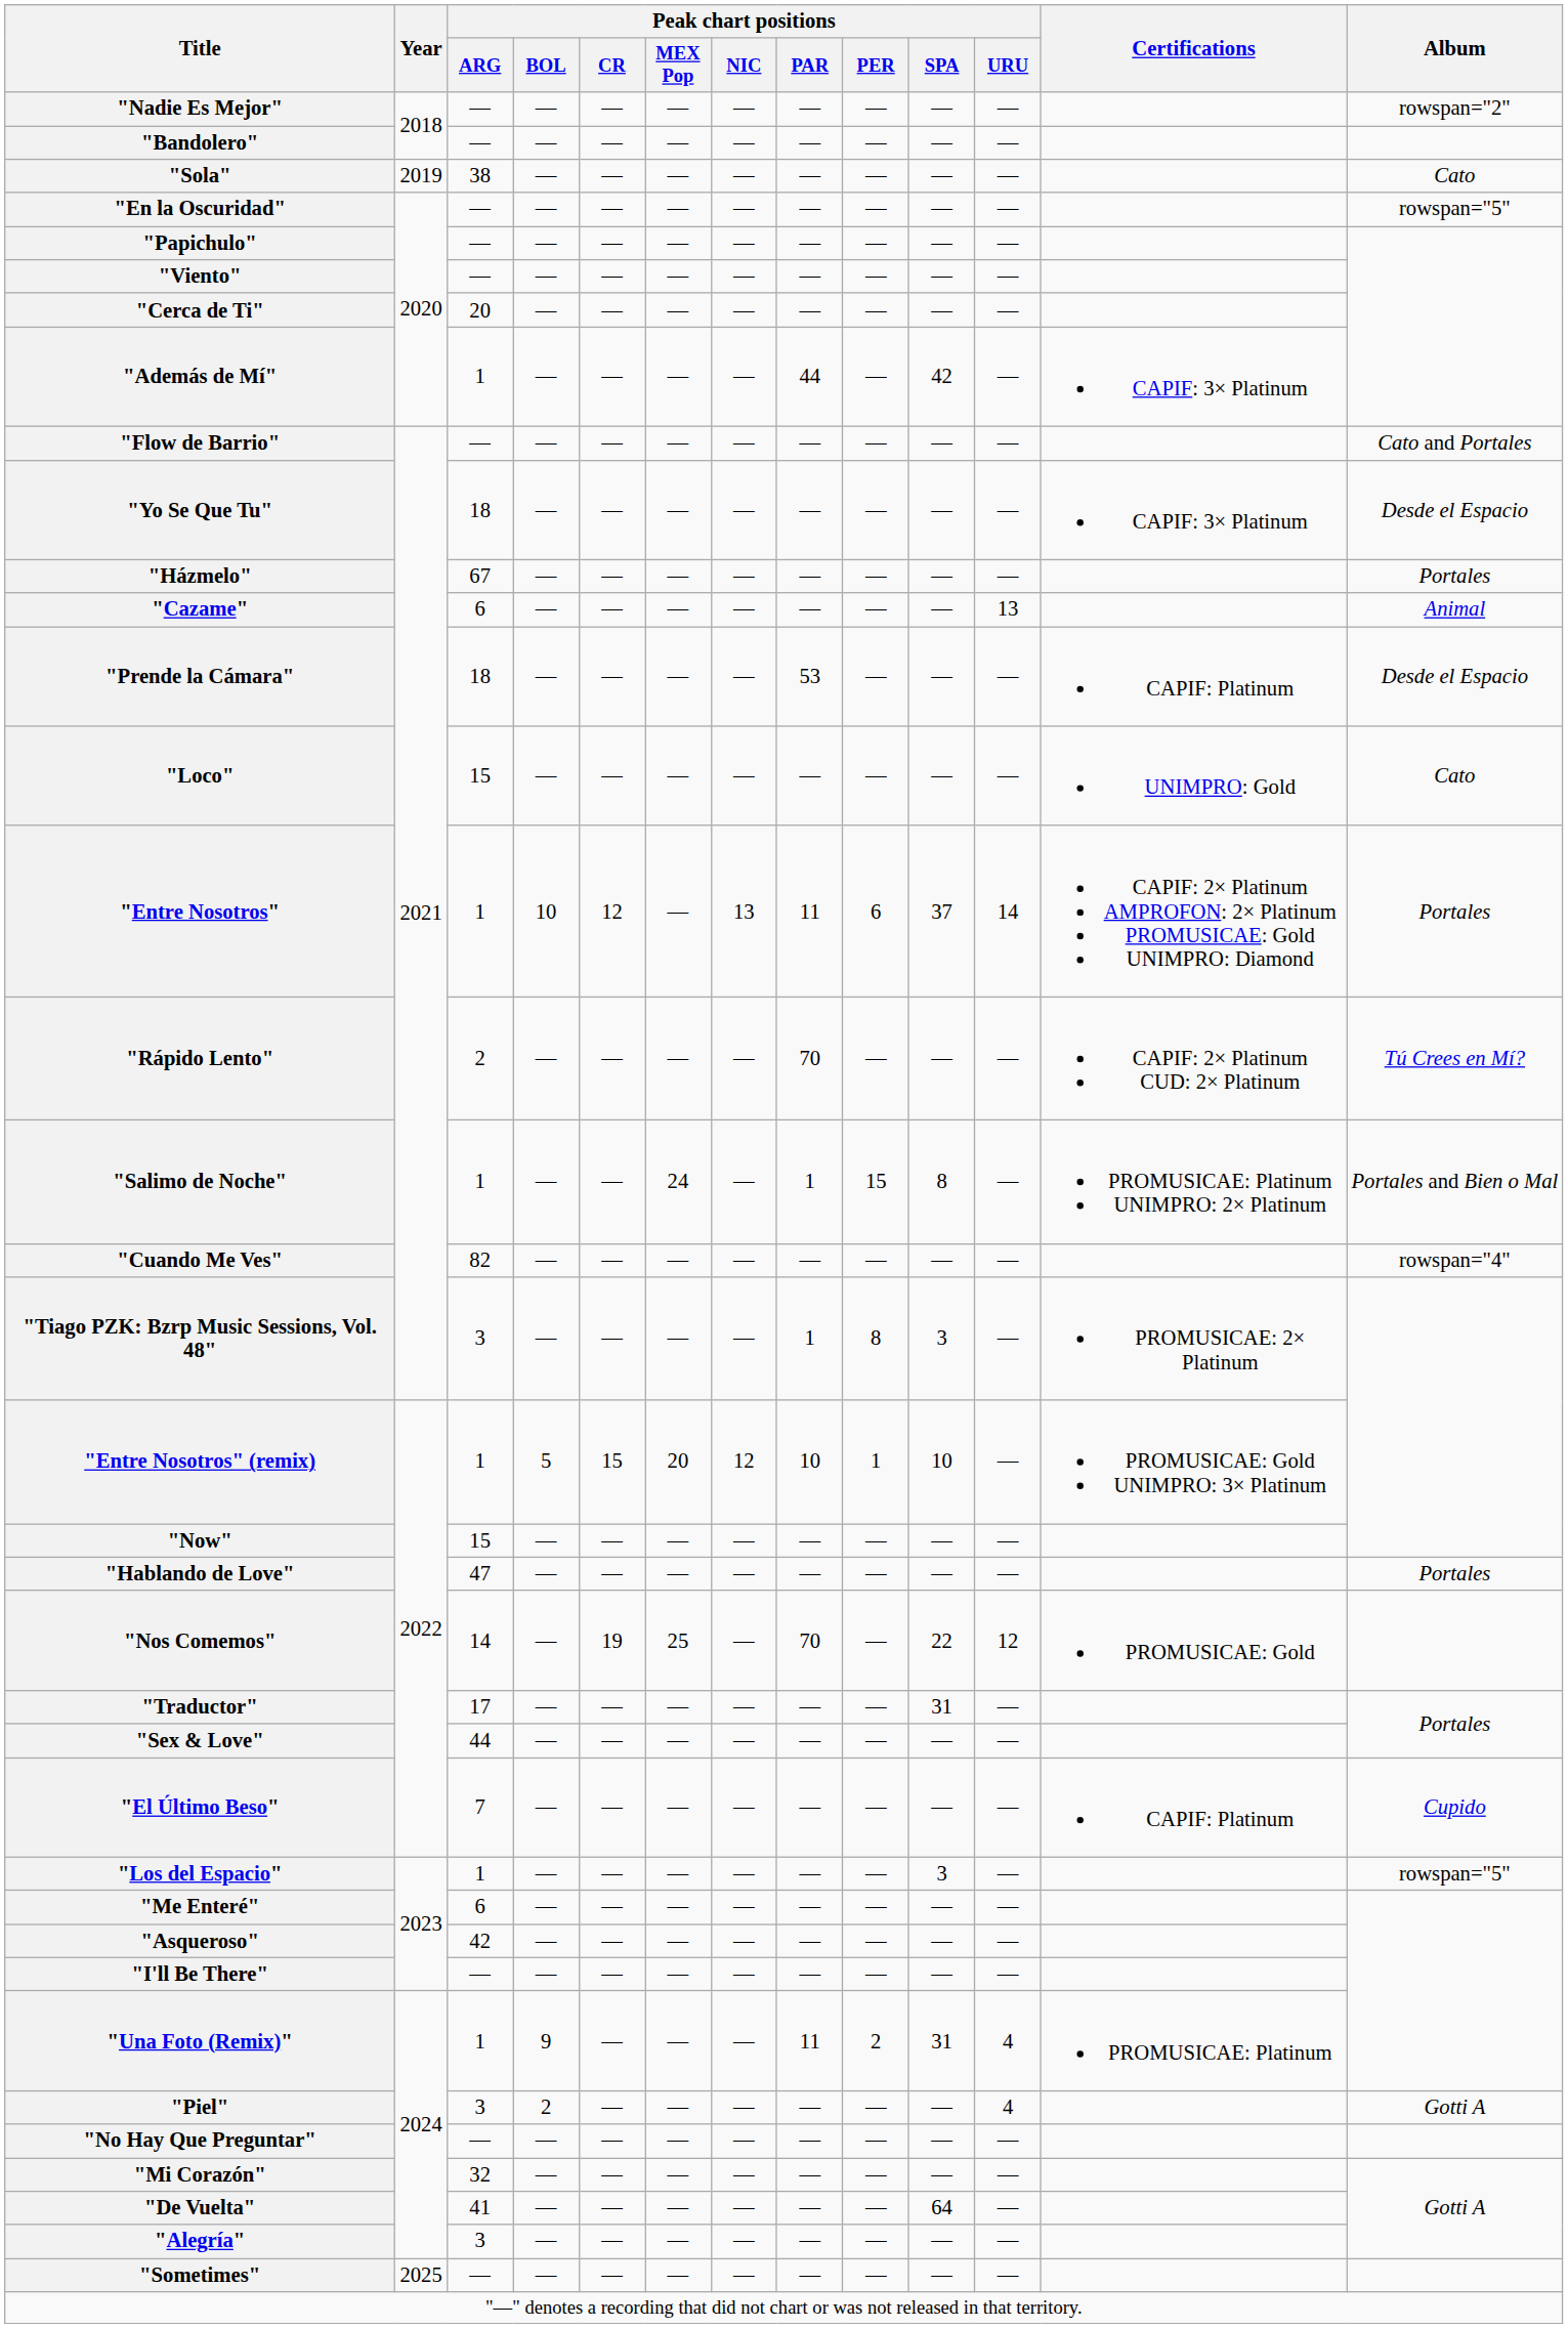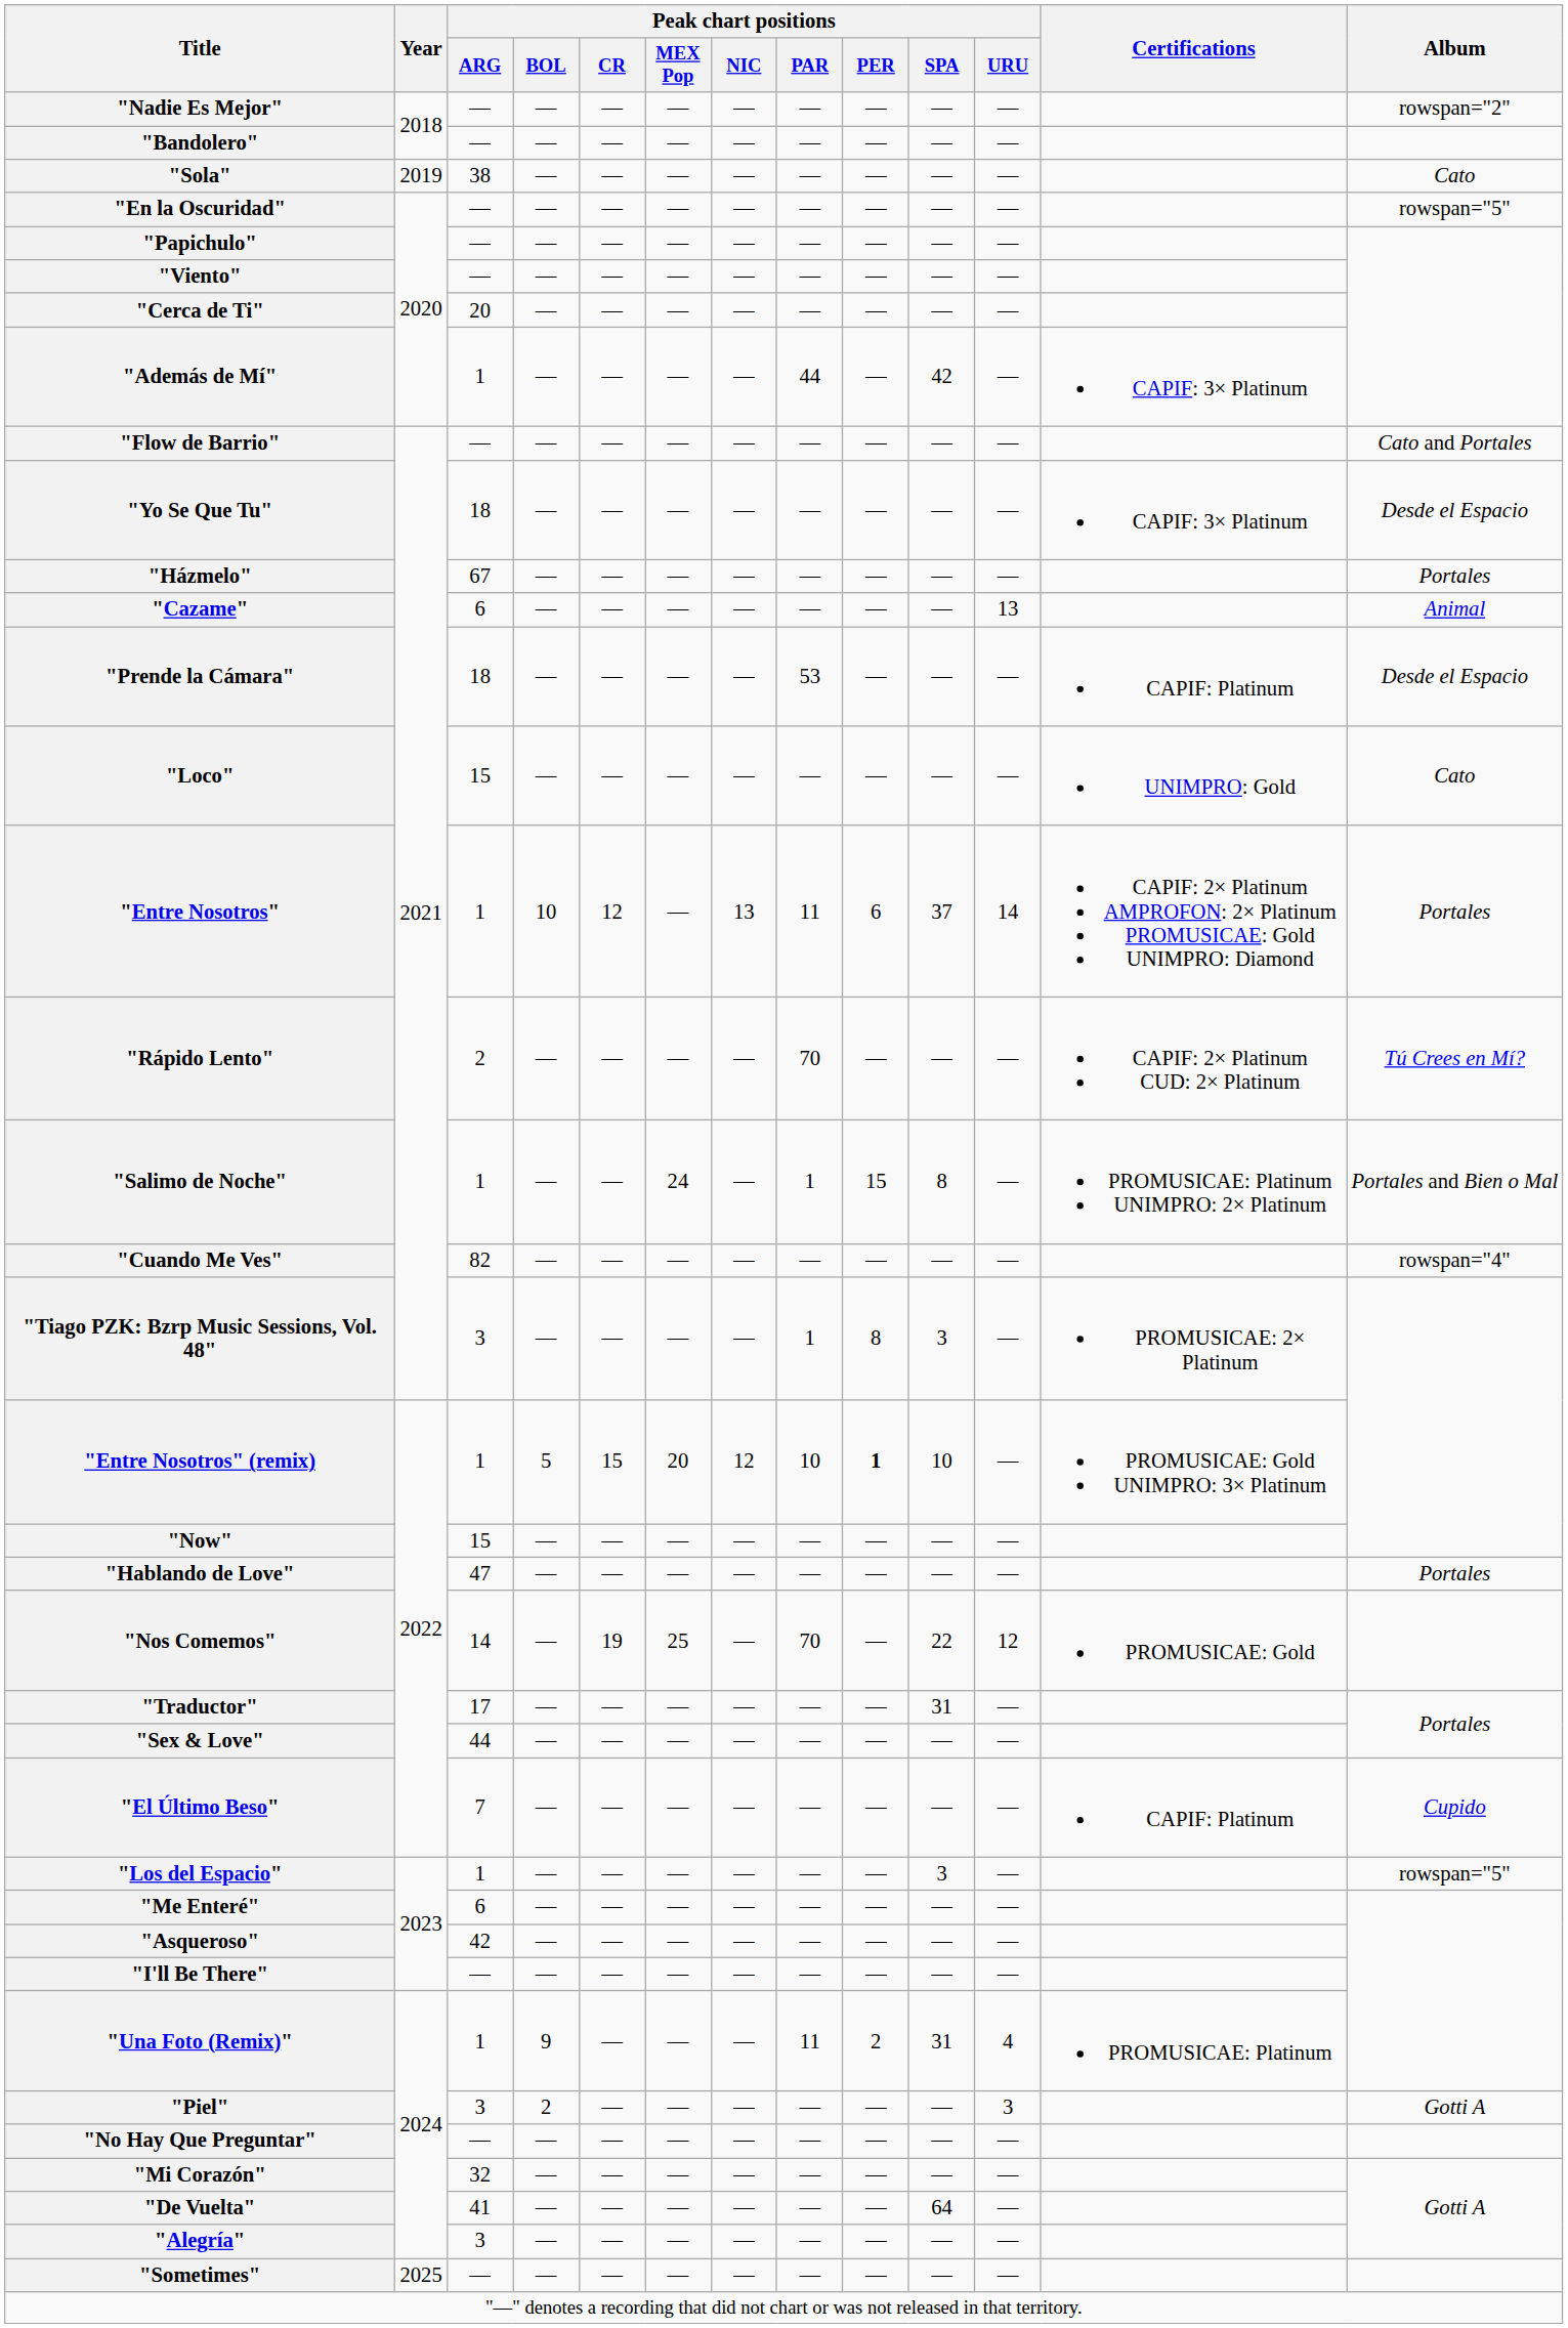 <table class="wikitable plainrowheaders" style="text-align:center;">
 <tr>
 <th scope="col" rowspan="2" style="width:18em;">Title</th>
 <th scope="col" rowspan="2">Year</th>
 <th scope="col" colspan="9">Peak chart positions</th>
 <th scope="col" rowspan="2" style="width:14em;"><a href='#'>Certifications</a></th>
 <th scope="col" rowspan="2">Album</th>
 </tr>
 <tr>
 <th scope="col" style="width:3em;font-size:90%;"><a href='#'>ARG</a><br></th>
 <th scope="col" style="width:3em;font-size:90%;"><a href='#'>BOL</a><br></th>
 <th scope="col" style="width:3em;font-size:90%;"><a href='#'>CR</a><br></th>
 <th scope="col" style="width:3em;font-size:90%;"><a href='#'>MEX<br>Pop</a><br></th>
 <th scope="col" style="width:3em;font-size:90%;"><a href='#'>NIC</a><br></th>
 <th scope="col" style="width:3em;font-size:90%;"><a href='#'>PAR</a><br></th>
 <th scope="col" style="width:3em;font-size:90%;"><a href='#'>PER</a><br></th>
 <th scope="col" style="width:3em;font-size:90%;"><a href='#'>SPA</a><br></th>
 <th scope="col" style="width:3em;font-size:90%;"><a href='#'>URU</a><br></th>
 </tr>
 <tr>
 <th scope="row">"Nadie Es Mejor"</th>
 <td rowspan="2">2018</td>
 <td>—</td>
 <td>—</td>
 <td>—</td>
 <td>—</td>
 <td>—</td>
 <td>—</td>
 <td>—</td>
 <td>—</td>
 <td>—</td>
 <td></td>
 <td>rowspan="2" </td>
 </tr>
 <tr>
 <th scope="row">"Bandolero"</th>
 <td>—</td>
 <td>—</td>
 <td>—</td>
 <td>—</td>
 <td>—</td>
 <td>—</td>
 <td>—</td>
 <td>—</td>
 <td>—</td>
 <td></td>
 </tr>
 <tr>
 <th scope="row">"Sola"</th>
 <td>2019</td>
 <td>38</td>
 <td>—</td>
 <td>—</td>
 <td>—</td>
 <td>—</td>
 <td>—</td>
 <td>—</td>
 <td>—</td>
 <td>—</td>
 <td></td>
 <td><em>Cato</em></td>
 </tr>
 <tr>
 <th scope="row">"En la Oscuridad"<br></th>
 <td rowspan="5">2020</td>
 <td>—</td>
 <td>—</td>
 <td>—</td>
 <td>—</td>
 <td>—</td>
 <td>—</td>
 <td>—</td>
 <td>—</td>
 <td>—</td>
 <td></td>
 <td>rowspan="5" </td>
 </tr>
 <tr>
 <th scope="row">"Papichulo"<br></th>
 <td>—</td>
 <td>—</td>
 <td>—</td>
 <td>—</td>
 <td>—</td>
 <td>—</td>
 <td>—</td>
 <td>—</td>
 <td>—</td>
 <td></td>
 </tr>
 <tr>
 <th scope="row">"Viento"</th>
 <td>—</td>
 <td>—</td>
 <td>—</td>
 <td>—</td>
 <td>—</td>
 <td>—</td>
 <td>—</td>
 <td>—</td>
 <td>—</td>
 <td></td>
 </tr>
 <tr>
 <th scope="row">"Cerca de Ti"<br></th>
 <td>20</td>
 <td>—</td>
 <td>—</td>
 <td>—</td>
 <td>—</td>
 <td>—</td>
 <td>—</td>
 <td>—</td>
 <td>—</td>
 <td></td>
 </tr>
 <tr>
 <th scope="row">"Además de Mí"<br></th>
 <td>1</td>
 <td>—</td>
 <td>—</td>
 <td>—</td>
 <td>—</td>
 <td>44</td>
 <td>—</td>
 <td>42</td>
 <td>—</td>
 <td><br><ul><li><a href='#'>CAPIF</a>: 3× Platinum</li></ul></td>
 </tr>
 <tr>
 <th scope="row">"Flow de Barrio"</th>
 <td rowspan="11">2021</td>
 <td>—</td>
 <td>—</td>
 <td>—</td>
 <td>—</td>
 <td>—</td>
 <td>—</td>
 <td>—</td>
 <td>—</td>
 <td>—</td>
 <td></td>
 <td><em>Cato</em> and <em>Portales</em></td>
 </tr>
 <tr>
 <th scope="row">"Yo Se Que Tu"<br></th>
 <td>18</td>
 <td>—</td>
 <td>—</td>
 <td>—</td>
 <td>—</td>
 <td>—</td>
 <td>—</td>
 <td>—</td>
 <td>—</td>
 <td><br><ul><li>CAPIF: 3× Platinum</li></ul></td>
 <td><em>Desde el Espacio</em></td>
 </tr>
 <tr>
 <th scope="row">"Házmelo"</th>
 <td>67</td>
 <td>—</td>
 <td>—</td>
 <td>—</td>
 <td>—</td>
 <td>—</td>
 <td>—</td>
 <td>—</td>
 <td>—</td>
 <td></td>
 <td><em>Portales</em></td>
 </tr>
 <tr>
 <th scope="row">"<a href='#'>Cazame</a>"<br></th>
 <td>6</td>
 <td>—</td>
 <td>—</td>
 <td>—</td>
 <td>—</td>
 <td>—</td>
 <td>—</td>
 <td>—</td>
 <td>13</td>
 <td></td>
 <td><em><a href='#'>Animal</a></em></td>
 </tr>
 <tr>
 <th scope="row">"Prende la Cámara"<br></th>
 <td>18</td>
 <td>—</td>
 <td>—</td>
 <td>—</td>
 <td>—</td>
 <td>53</td>
 <td>—</td>
 <td>—</td>
 <td>—</td>
 <td><br><ul><li>CAPIF: Platinum</li></ul></td>
 <td><em>Desde el Espacio</em></td>
 </tr>
 <tr>
 <th scope="row">"Loco"</th>
 <td>15</td>
 <td>—</td>
 <td>—</td>
 <td>—</td>
 <td>—</td>
 <td>—</td>
 <td>—</td>
 <td>—</td>
 <td>—</td>
 <td><br><ul><li><a href='#'>UNIMPRO</a>: Gold</li></ul></td>
 <td><em>Cato</em></td>
 </tr>
 <tr>
 <th scope="row">"<a href='#'>Entre Nosotros</a>"<br></th>
 <td>1</td>
 <td>10</td>
 <td>12</td>
 <td>—</td>
 <td>13</td>
 <td>11</td>
 <td>6</td>
 <td>37</td>
 <td>14</td>
 <td><br><ul><li>CAPIF: 2× Platinum</li><li><a href='#'>AMPROFON</a>: 2× Platinum</li><li><a href='#'>PROMUSICAE</a>: Gold</li><li>UNIMPRO: Diamond</li></ul></td>
 <td><em>Portales</em></td>
 </tr>
 <tr>
 <th scope="row">"Rápido Lento"<br></th>
 <td>2</td>
 <td>—</td>
 <td>—</td>
 <td>—</td>
 <td>—</td>
 <td>70</td>
 <td>—</td>
 <td>—</td>
 <td>—</td>
 <td><br><ul><li>CAPIF: 2× Platinum</li><li>CUD: 2× Platinum</li></ul></td>
 <td><em><a href='#'>Tú Crees en Mí?</a></em></td>
 </tr>
 <tr>
 <th scope="row">"Salimo de Noche"<br></th>
 <td>1</td>
 <td>—</td>
 <td>—</td>
 <td>24</td>
 <td>—</td>
 <td>1</td>
 <td>15</td>
 <td>8</td>
 <td>—</td>
 <td><br><ul><li>PROMUSICAE: Platinum</li><li>UNIMPRO: 2× Platinum</li></ul></td>
 <td><em>Portales</em> and <em>Bien o Mal</em></td>
 </tr>
 <tr>
 <th scope="row">"Cuando Me Ves"<br></th>
 <td>82</td>
 <td>—</td>
 <td>—</td>
 <td>—</td>
 <td>—</td>
 <td>—</td>
 <td>—</td>
 <td>—</td>
 <td>—</td>
 <td></td>
 <td>rowspan="4" </td>
 </tr>
 <tr>
 <th scope="row">"Tiago PZK: Bzrp Music Sessions, Vol. 48"<br></th>
 <td>3</td>
 <td>—</td>
 <td>—</td>
 <td>—</td>
 <td>—</td>
 <td>1</td>
 <td>8</td>
 <td>3</td>
 <td>—</td>
 <td><br><ul><li>PROMUSICAE: 2× Platinum</li></ul></td>
 </tr>
 <tr>
 <th scope="row"><a href='#'>"Entre Nosotros" (remix)</a><br></th>
 <td rowspan="7">2022</td>
 <td>1</td>
 <td>5</td>
 <td>15</td>
 <td>20</td>
 <td>12</td>
 <td>10</td>
-<td>1</td>
+<td><strong>1</strong></td>
 <td>10</td>
 <td>—</td>
 <td><br><ul><li>PROMUSICAE: Gold</li><li>UNIMPRO: 3× Platinum</li></ul></td>
 </tr>
 <tr>
 <th scope="row">"Now"<br></th>
 <td>15</td>
 <td>—</td>
 <td>—</td>
 <td>—</td>
 <td>—</td>
 <td>—</td>
 <td>—</td>
 <td>—</td>
 <td>—</td>
 <td></td>
 </tr>
 <tr>
 <th scope="row">"Hablando de Love"</th>
 <td>47</td>
 <td>—</td>
 <td>—</td>
 <td>—</td>
 <td>—</td>
 <td>—</td>
 <td>—</td>
 <td>—</td>
 <td>—</td>
 <td></td>
 <td><em>Portales</em></td>
 </tr>
 <tr>
 <th scope="row">"Nos Comemos"<br></th>
 <td>14</td>
 <td>—</td>
 <td>19</td>
 <td>25</td>
 <td>—</td>
 <td>70</td>
 <td>—</td>
 <td>22</td>
 <td>12</td>
 <td><br><ul><li>PROMUSICAE: Gold</li></ul></td>
 <td></td>
 </tr>
 <tr>
 <th scope="row">"Traductor"<br></th>
 <td>17</td>
 <td>—</td>
 <td>—</td>
 <td>—</td>
 <td>—</td>
 <td>—</td>
 <td>—</td>
 <td>31</td>
 <td>—</td>
 <td></td>
 <td rowspan="2"><em>Portales</em></td>
 </tr>
 <tr>
 <th scope="row">"Sex & Love"<br></th>
 <td>44</td>
 <td>—</td>
 <td>—</td>
 <td>—</td>
 <td>—</td>
 <td>—</td>
 <td>—</td>
 <td>—</td>
 <td>—</td>
 <td></td>
 </tr>
 <tr>
 <th scope="row">"<a href='#'>El Último Beso</a>"<br></th>
 <td>7</td>
 <td>—</td>
 <td>—</td>
 <td>—</td>
 <td>—</td>
 <td>—</td>
 <td>—</td>
 <td>—</td>
 <td>—</td>
 <td><br><ul><li>CAPIF: Platinum</li></ul></td>
 <td><em><a href='#'>Cupido</a></em></td>
 </tr>
 <tr>
 <th scope="row">"<a href='#'>Los del Espacio</a>"<br></th>
 <td rowspan="4">2023</td>
 <td>1</td>
 <td>—</td>
 <td>—</td>
 <td>—</td>
 <td>—</td>
 <td>—</td>
 <td>—</td>
 <td>3</td>
 <td>—</td>
 <td></td>
 <td>rowspan="5" </td>
 </tr>
 <tr>
 <th scope="row">"Me Enteré"<br></th>
 <td>6</td>
 <td>—</td>
 <td>—</td>
 <td>—</td>
 <td>—</td>
 <td>—</td>
 <td>—</td>
 <td>—</td>
 <td>—</td>
 <td></td>
 </tr>
 <tr>
 <th scope="row">"Asqueroso"</th>
 <td>42</td>
 <td>—</td>
 <td>—</td>
 <td>—</td>
 <td>—</td>
 <td>—</td>
 <td>—</td>
 <td>—</td>
 <td>—</td>
 <td></td>
 </tr>
 <tr>
 <th scope="row">"I'll Be There"<br></th>
 <td>—</td>
 <td>—</td>
 <td>—</td>
 <td>—</td>
 <td>—</td>
 <td>—</td>
 <td>—</td>
 <td>—</td>
 <td>—</td>
 <td></td>
 </tr>
 <tr>
 <th scope="row">"<a href='#'>Una Foto (Remix)</a>"<br></th>
 <td rowspan=6>2024</td>
 <td>1</td>
 <td>9</td>
 <td>—</td>
 <td>—</td>
 <td>—</td>
 <td>11</td>
 <td>2</td>
 <td>31</td>
 <td>4</td>
 <td><br><ul><li>PROMUSICAE: Platinum</li></ul></td>
 </tr>
 <tr>
 <th scope="row">"Piel"<br></th>
 <td>3</td>
 <td>2</td>
 <td>—</td>
 <td>—</td>
 <td>—</td>
 <td>—</td>
 <td>—</td>
 <td>—</td>
-<td>4</td>
+<td>3</td>
 <td></td>
 <td><em>Gotti A</em></td>
 </tr>
 <tr>
 <th scope="row">"No Hay Que Preguntar"<br></th>
 <td>—</td>
 <td>—</td>
 <td>—</td>
 <td>—</td>
 <td>—</td>
 <td>—</td>
 <td>—</td>
 <td>—</td>
 <td>—</td>
 <td></td>
 <td></td>
 </tr>
 <tr>
 <th scope="row">"Mi Corazón"</th>
 <td>32</td>
 <td>—</td>
 <td>—</td>
 <td>—</td>
 <td>—</td>
 <td>—</td>
 <td>—</td>
 <td>—</td>
 <td>—</td>
 <td></td>
 <td rowspan="3"><em>Gotti A</em></td>
 </tr>
 <tr>
 <th scope="row">"De Vuelta"<br></th>
 <td>41</td>
 <td>—</td>
 <td>—</td>
 <td>—</td>
 <td>—</td>
 <td>—</td>
 <td>—</td>
 <td>64</td>
 <td>—</td>
 <td></td>
 </tr>
 <tr>
 <th scope="row">"<a href='#'>Alegría</a>"<br></th>
 <td>3</td>
 <td>—</td>
 <td>—</td>
 <td>—</td>
 <td>—</td>
 <td>—</td>
 <td>—</td>
 <td>—</td>
 <td>—</td>
 <td></td>
 </tr>
 <tr>
 <th scope="row">"Sometimes"<br></th>
 <td>2025</td>
 <td>—</td>
 <td>—</td>
 <td>—</td>
 <td>—</td>
 <td>—</td>
 <td>—</td>
 <td>—</td>
 <td>—</td>
 <td>—</td>
 <td></td>
 </tr>
 <tr>
 <td colspan="14" style="font-size:90%">"—" denotes a recording that did not chart or was not released in that territory.</td>
 </tr>
 </table>
